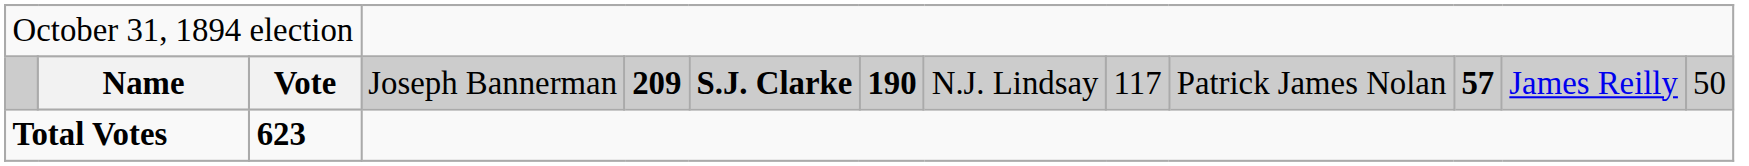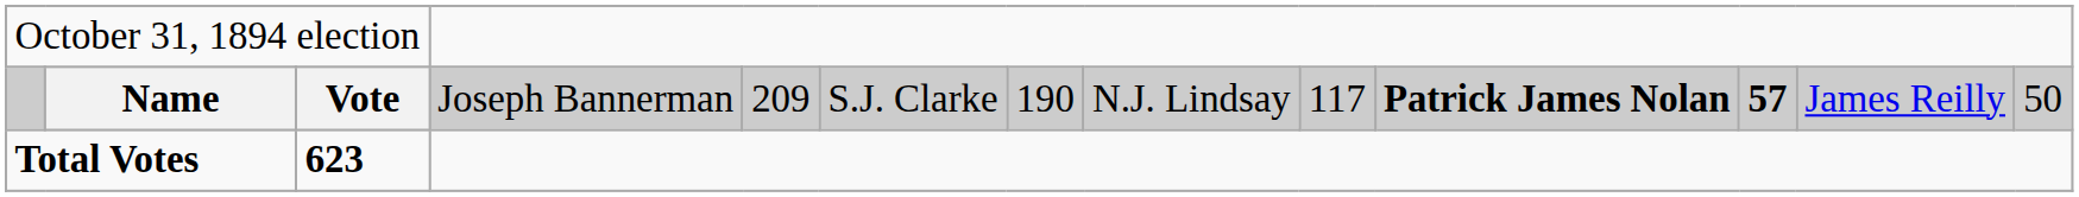 <table class="wikitable">
 <tr>
 <td colspan=3 align=center>October 31, 1894 election</td>
 </tr>
 <tr bgcolor="CCCCCC">
 <td></td>
 <th><strong>Name </strong></th>
 <th><strong>Vote</strong><br></th>
 <td>Joseph Bannerman</td>
-<td><strong>209<br></strong></td>
-<td><strong>S.J. Clarke</strong></td>
-<td><strong>190<br></strong></td>
+<td>209<br></td>
+<td>S.J. Clarke</td>
+<td>190<br></td>
 <td>N.J. Lindsay</td>
 <td>117<br></td>
-<td>Patrick James Nolan</td>
+<td><strong>Patrick James Nolan</strong></td>
 <td><strong>57<br></strong></td>
 <td><a href='#'>James Reilly</a></td>
 <td>50</td>
 </tr>
 <tr>
 <td colspan=2><strong>Total Votes</strong></td>
 <td><strong>623</strong></td>
 </tr>
 </table>
